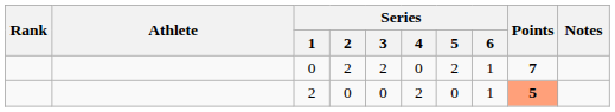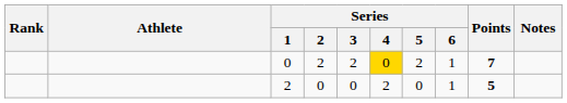 <table class="wikitable" style="text-align:center">
 <tr>
 <th rowspan=2 width=40>Rank</th>
 <th rowspan=2 width=250>Athlete</th>
 <th colspan=6>Series</th>
 <th rowspan=2 width=40>Points</th>
 <th rowspan=2 width=45>Notes</th>
 </tr>
 <tr>
 <th width=30>1</th>
 <th width=30>2</th>
 <th width=30>3</th>
 <th width=30>4</th>
 <th width=30>5</th>
 <th width=30>6</th>
 </tr>
 <tr>
 <td></td>
 <td align=left></td>
 <td>0</td>
 <td>2</td>
 <td>2</td>
-<td>0</td>
+<td style="background: gold;">0</td>
 <td>2</td>
 <td>1</td>
 <td><strong>7</strong></td>
 <td></td>
 </tr>
 <tr>
 <td></td>
 <td align=left></td>
 <td>2</td>
 <td>0</td>
 <td>0</td>
 <td>2</td>
 <td>0</td>
 <td>1</td>
-<td style="background: lightsalmon;"><strong>5</strong></td>
+<td><strong>5</strong></td>
 <td></td>
 </tr>
 </table>
